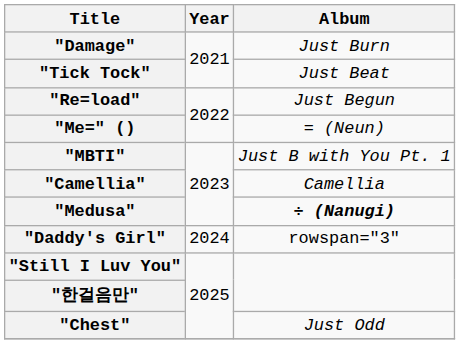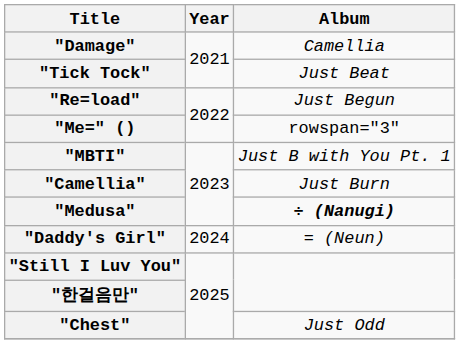 <table class="wikitable plainrowheaders" style="text-align:center;">
 <tr>
 <th scope="col">Title</th>
 <th scope="col">Year</th>
 <th scope="col">Album</th>
 </tr>
 <tr>
 <th scope="row">"Damage"</th>
 <td rowspan="2">2021</td>
-<td><em>Just Burn</em></td>
+<td><em>Camellia</em></td>
 </tr>
 <tr>
 <th scope="row">"Tick Tock"</th>
 <td><em>Just Beat</em></td>
 </tr>
 <tr>
 <th scope="row">"Re=load"</th>
 <td rowspan="2">2022</td>
 <td><em>Just Begun</em></td>
 </tr>
 <tr>
 <th scope="row">"Me=" ()</th>
-<td><em>= (Neun)</em></td>
+<td>rowspan="3" </td>
 </tr>
 <tr>
 <th scope="row">"MBTI" </th>
 <td rowspan="3">2023</td>
 <td><em>Just B with You Pt. 1</em></td>
 </tr>
 <tr>
 <th scope="row">"Camellia"</th>
-<td><em>Camellia</em></td>
+<td><em>Just Burn</em></td>
 </tr>
 <tr>
 <th scope="row">"Medusa"</th>
 <td><strong><em>÷ (Nanugi)</em></strong></td>
 </tr>
 <tr>
 <th scope="row">"Daddy's Girl"</th>
 <td>2024</td>
-<td>rowspan="3" </td>
+<td><em>= (Neun)</em></td>
 </tr>
 <tr>
 <th scope="row">"Still I Luv You"</th>
 <td rowspan="3">2025</td>
 </tr>
 <tr>
 <th scope="row">"한걸음만"</th>
 </tr>
 <tr>
 <th scope="row">"Chest"</th>
 <td><em>Just Odd</em></td>
 </tr>
 <tr>
 </tr>
 </table>
